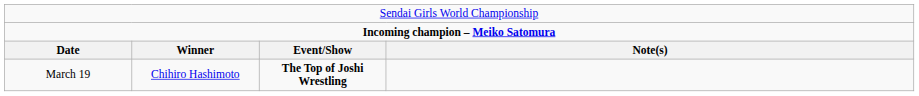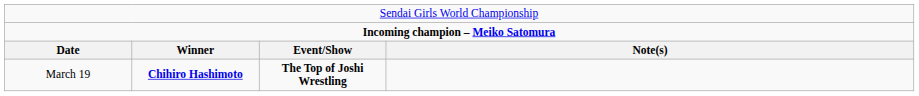 <table class="wikitable" style="text-align:center; width:100%;">
 <tr>
 <td colspan="4" style="text-align: center;"><a href='#'>Sendai Girls World Championship</a></td>
 </tr>
 <tr>
 <td colspan="4" style="text-align: center;"><strong>Incoming champion – <a href='#'>Meiko Satomura</a></strong></td>
 </tr>
 <tr>
 <th width=14%>Date</th>
 <th width=14%>Winner</th>
 <th width=14%>Event/Show</th>
 <th width=58%>Note(s)</th>
 </tr>
 <tr>
 <td>March 19</td>
-<td><a href='#'>Chihiro Hashimoto</a></td>
+<td><strong><a href='#'>Chihiro Hashimoto</a></strong></td>
 <td><strong>The Top of Joshi Wrestling</strong></td>
 </tr>
 </table>
